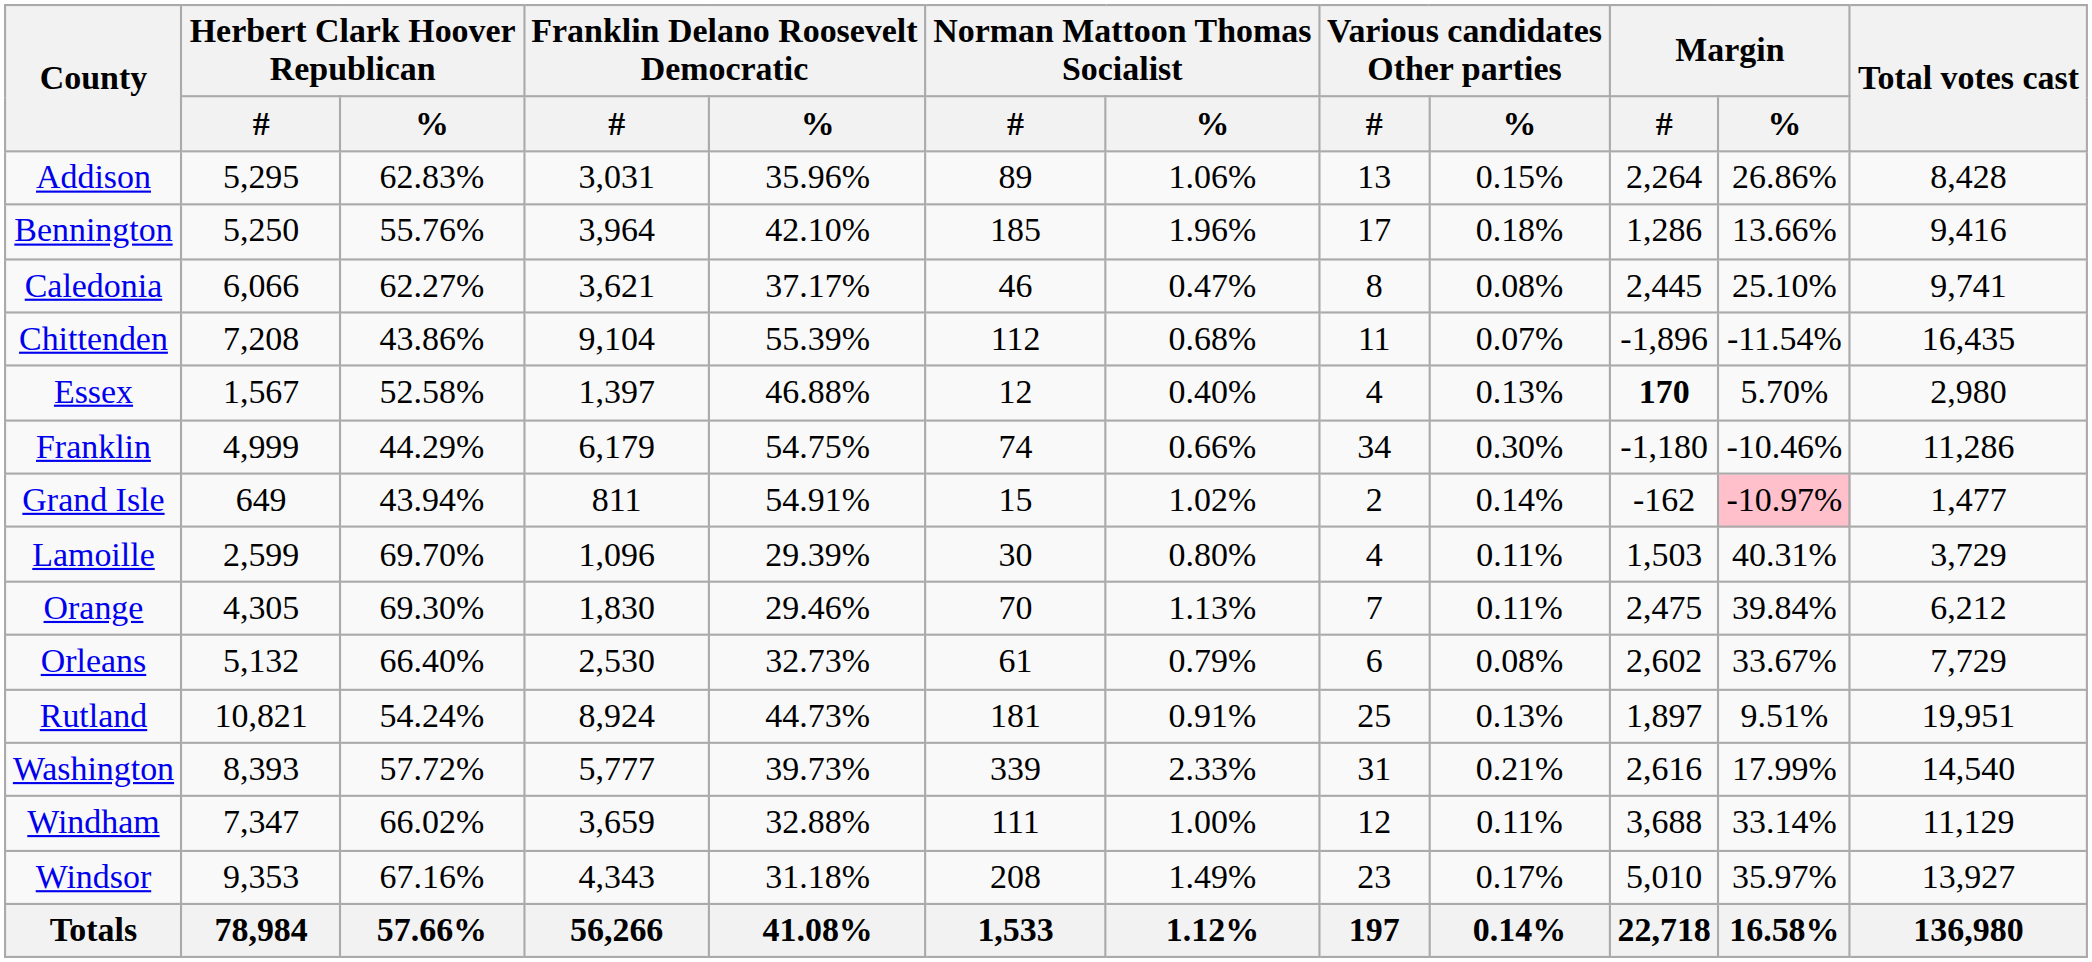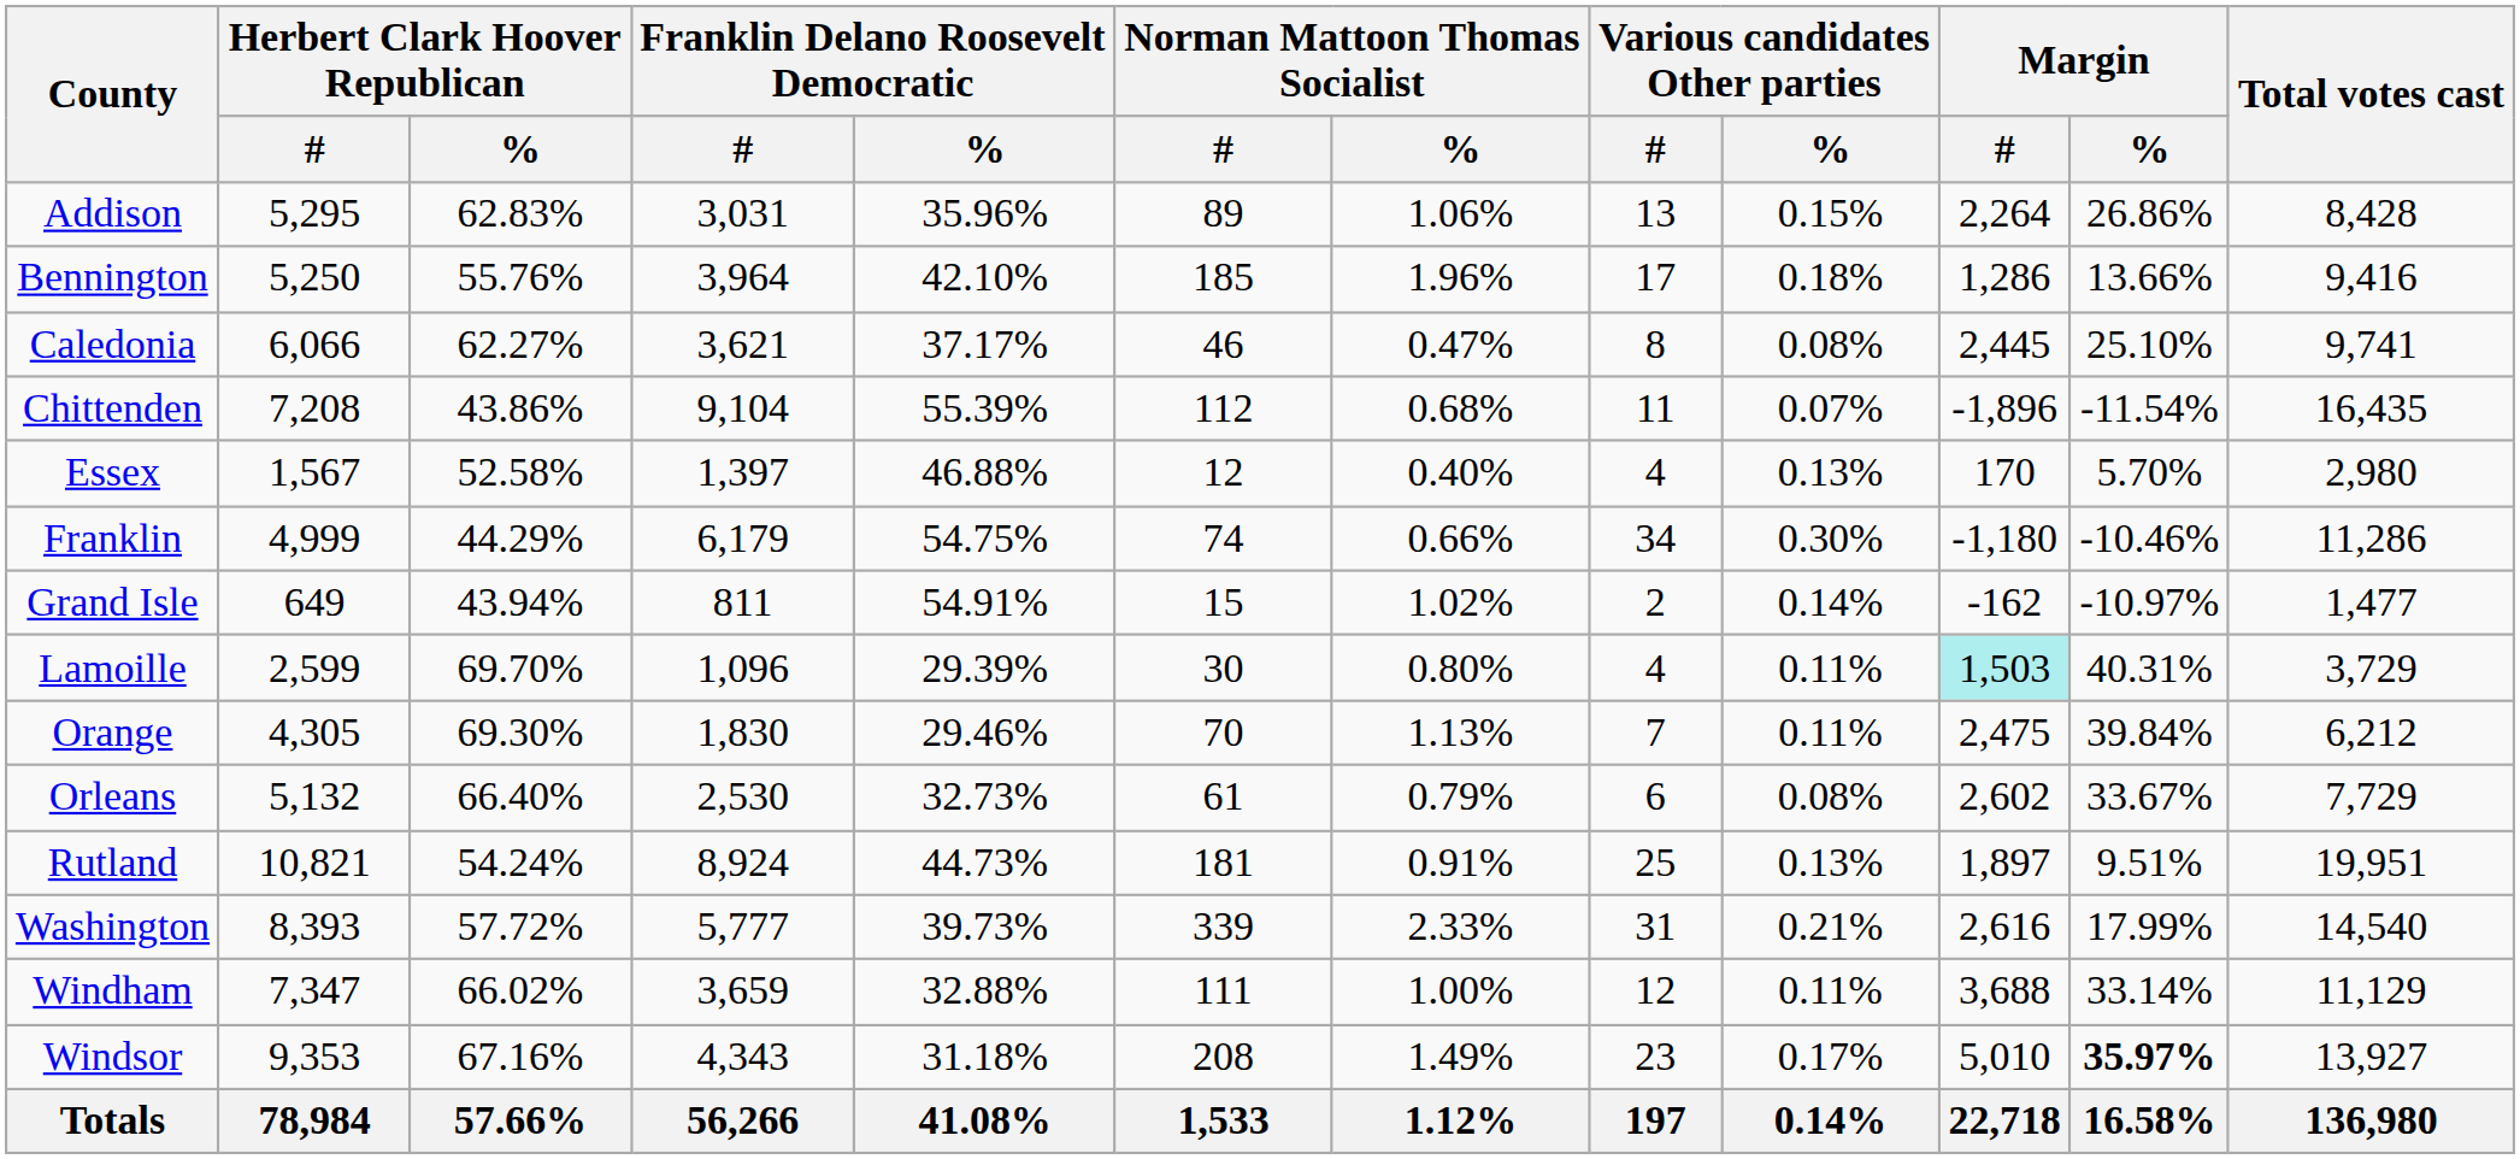 <table class="wikitable sortable" style="text-align:center">
 <tr>
 <th colspan="1" rowspan="2">County</th>
 <th style="text-align:center;" colspan="2">Herbert Clark Hoover<br>Republican</th>
 <th style="text-align:center;" colspan="2">Franklin Delano Roosevelt<br>Democratic</th>
 <th style="text-align:center;" colspan="2">Norman Mattoon Thomas<br>Socialist</th>
 <th style="text-align:center;" colspan="2">Various candidates<br>Other parties</th>
 <th style="text-align:center;" colspan="2">Margin</th>
 <th colspan="1" rowspan="2" style="text-align:center;">Total votes cast</th>
 </tr>
 <tr>
 <th style="text-align:center;" data-sort-type="number">#</th>
 <th style="text-align:center;" data-sort-type="number">%</th>
 <th style="text-align:center;" data-sort-type="number">#</th>
 <th style="text-align:center;" data-sort-type="number">%</th>
 <th style="text-align:center;" data-sort-type="number">#</th>
 <th style="text-align:center;" data-sort-type="number">%</th>
 <th style="text-align:center;" data-sort-type="number">#</th>
 <th style="text-align:center;" data-sort-type="number">%</th>
 <th style="text-align:center;" data-sort-type="number">#</th>
 <th style="text-align:center;" data-sort-type="number">%</th>
 </tr>
 <tr style="text-align:center;">
 <td><a href='#'>Addison</a></td>
 <td>5,295</td>
 <td>62.83%</td>
 <td>3,031</td>
 <td>35.96%</td>
 <td>89</td>
 <td>1.06%</td>
 <td>13</td>
 <td>0.15%</td>
 <td>2,264</td>
 <td>26.86%</td>
 <td>8,428</td>
 </tr>
 <tr style="text-align:center;">
 <td><a href='#'>Bennington</a></td>
 <td>5,250</td>
 <td>55.76%</td>
 <td>3,964</td>
 <td>42.10%</td>
 <td>185</td>
 <td>1.96%</td>
 <td>17</td>
 <td>0.18%</td>
 <td>1,286</td>
 <td>13.66%</td>
 <td>9,416</td>
 </tr>
 <tr style="text-align:center;">
 <td><a href='#'>Caledonia</a></td>
 <td>6,066</td>
 <td>62.27%</td>
 <td>3,621</td>
 <td>37.17%</td>
 <td>46</td>
 <td>0.47%</td>
 <td>8</td>
 <td>0.08%</td>
 <td>2,445</td>
 <td>25.10%</td>
 <td>9,741</td>
 </tr>
 <tr style="text-align:center;">
 <td><a href='#'>Chittenden</a></td>
 <td>7,208</td>
 <td>43.86%</td>
 <td>9,104</td>
 <td>55.39%</td>
 <td>112</td>
 <td>0.68%</td>
 <td>11</td>
 <td>0.07%</td>
 <td>-1,896</td>
 <td>-11.54%</td>
 <td>16,435</td>
 </tr>
 <tr style="text-align:center;">
 <td><a href='#'>Essex</a></td>
 <td>1,567</td>
 <td>52.58%</td>
 <td>1,397</td>
 <td>46.88%</td>
 <td>12</td>
 <td>0.40%</td>
 <td>4</td>
 <td>0.13%</td>
-<td><strong>170</strong></td>
+<td>170</td>
 <td>5.70%</td>
 <td>2,980</td>
 </tr>
 <tr style="text-align:center;">
 <td><a href='#'>Franklin</a></td>
 <td>4,999</td>
 <td>44.29%</td>
 <td>6,179</td>
 <td>54.75%</td>
 <td>74</td>
 <td>0.66%</td>
 <td>34</td>
 <td>0.30%</td>
 <td>-1,180</td>
 <td>-10.46%</td>
 <td>11,286</td>
 </tr>
 <tr style="text-align:center;">
 <td><a href='#'>Grand Isle</a></td>
 <td>649</td>
 <td>43.94%</td>
 <td>811</td>
 <td>54.91%</td>
 <td>15</td>
 <td>1.02%</td>
 <td>2</td>
 <td>0.14%</td>
 <td>-162</td>
-<td style="background: pink;">-10.97%</td>
+<td>-10.97%</td>
 <td>1,477</td>
 </tr>
 <tr style="text-align:center;">
 <td><a href='#'>Lamoille</a></td>
 <td>2,599</td>
 <td>69.70%</td>
 <td>1,096</td>
 <td>29.39%</td>
 <td>30</td>
 <td>0.80%</td>
 <td>4</td>
 <td>0.11%</td>
-<td>1,503</td>
+<td style="background: paleturquoise;">1,503</td>
 <td>40.31%</td>
 <td>3,729</td>
 </tr>
 <tr style="text-align:center;">
 <td><a href='#'>Orange</a></td>
 <td>4,305</td>
 <td>69.30%</td>
 <td>1,830</td>
 <td>29.46%</td>
 <td>70</td>
 <td>1.13%</td>
 <td>7</td>
 <td>0.11%</td>
 <td>2,475</td>
 <td>39.84%</td>
 <td>6,212</td>
 </tr>
 <tr style="text-align:center;">
 <td><a href='#'>Orleans</a></td>
 <td>5,132</td>
 <td>66.40%</td>
 <td>2,530</td>
 <td>32.73%</td>
 <td>61</td>
 <td>0.79%</td>
 <td>6</td>
 <td>0.08%</td>
 <td>2,602</td>
 <td>33.67%</td>
 <td>7,729</td>
 </tr>
 <tr style="text-align:center;">
 <td><a href='#'>Rutland</a></td>
 <td>10,821</td>
 <td>54.24%</td>
 <td>8,924</td>
 <td>44.73%</td>
 <td>181</td>
 <td>0.91%</td>
 <td>25</td>
 <td>0.13%</td>
 <td>1,897</td>
 <td>9.51%</td>
 <td>19,951</td>
 </tr>
 <tr style="text-align:center;">
 <td><a href='#'>Washington</a></td>
 <td>8,393</td>
 <td>57.72%</td>
 <td>5,777</td>
 <td>39.73%</td>
 <td>339</td>
 <td>2.33%</td>
 <td>31</td>
 <td>0.21%</td>
 <td>2,616</td>
 <td>17.99%</td>
 <td>14,540</td>
 </tr>
 <tr style="text-align:center;">
 <td><a href='#'>Windham</a></td>
 <td>7,347</td>
 <td>66.02%</td>
 <td>3,659</td>
 <td>32.88%</td>
 <td>111</td>
 <td>1.00%</td>
 <td>12</td>
 <td>0.11%</td>
 <td>3,688</td>
 <td>33.14%</td>
 <td>11,129</td>
 </tr>
 <tr style="text-align:center;">
 <td><a href='#'>Windsor</a></td>
 <td>9,353</td>
 <td>67.16%</td>
 <td>4,343</td>
 <td>31.18%</td>
 <td>208</td>
 <td>1.49%</td>
 <td>23</td>
 <td>0.17%</td>
 <td>5,010</td>
-<td>35.97%</td>
+<td><strong>35.97%</strong></td>
 <td>13,927</td>
 </tr>
 <tr style="text-align:center;">
 <th>Totals</th>
 <th>78,984</th>
 <th>57.66%</th>
 <th>56,266</th>
 <th>41.08%</th>
 <th>1,533</th>
 <th>1.12%</th>
 <th>197</th>
 <th>0.14%</th>
 <th>22,718</th>
 <th>16.58%</th>
 <th>136,980</th>
 </tr>
 </table>
